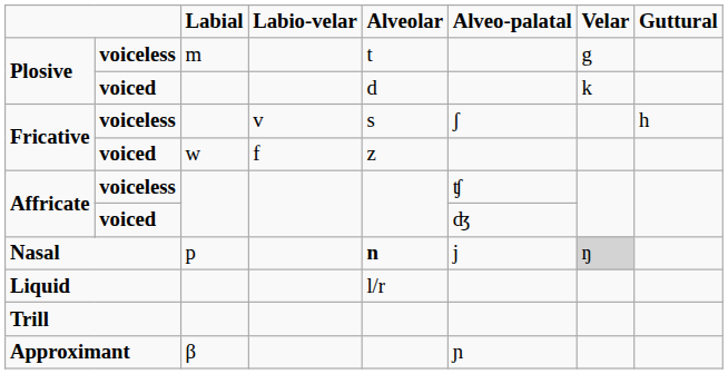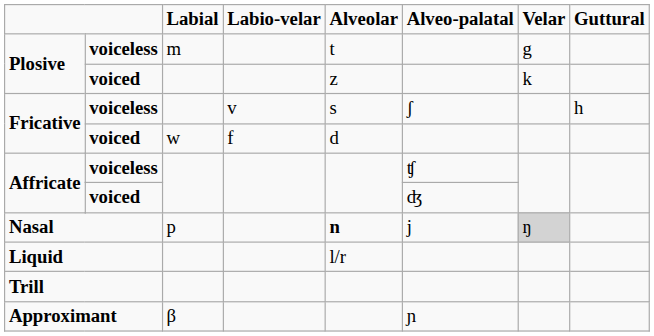 <table class="wikitable">
 <tr>
 <td colspan="3"></td>
 <td><strong>Labial</strong></td>
 <td><strong>Labio-velar</strong></td>
 <td><strong>Alveolar</strong></td>
 <td><strong>Alveo-palatal</strong></td>
 <td><strong>Velar</strong></td>
 <td><strong>Guttural</strong></td>
 </tr>
 <tr>
 <td colspan="2" rowspan="2"><strong>Plosive</strong></td>
 <td><strong>voiceless</strong></td>
 <td>m</td>
 <td></td>
 <td>t</td>
 <td></td>
 <td>g</td>
 <td></td>
 </tr>
 <tr>
 <td><strong>voiced</strong></td>
 <td></td>
 <td></td>
-<td>d</td>
+<td>z</td>
 <td></td>
 <td>k</td>
 <td></td>
 </tr>
 <tr>
 <td colspan="2" rowspan="2"><strong>Fricative</strong></td>
 <td><strong>voiceless</strong></td>
 <td></td>
 <td>v</td>
 <td>s</td>
 <td>ʃ</td>
 <td></td>
 <td>h</td>
 </tr>
 <tr>
 <td><strong>voiced</strong></td>
 <td>w</td>
 <td>f</td>
-<td>z</td>
+<td>d</td>
 <td></td>
 <td></td>
 <td></td>
 </tr>
 <tr>
 <td rowspan="2"><strong>Affricate</strong></td>
 <td colspan="2"><strong>voiceless</strong></td>
 <td rowspan="2"></td>
 <td rowspan="2"></td>
 <td rowspan="2"></td>
 <td>ʧ</td>
 <td rowspan="2"></td>
 <td rowspan="2"></td>
 </tr>
 <tr>
 <td colspan="2"><strong>voiced</strong></td>
 <td>ʤ</td>
 </tr>
 <tr>
 <td colspan="3"><strong>Nasal</strong></td>
 <td>p</td>
 <td></td>
 <td><strong>n</strong></td>
 <td>j</td>
 <td style="background: lightgrey;">ŋ</td>
 <td></td>
 </tr>
 <tr>
 <td colspan="3"><strong>Liquid</strong></td>
 <td></td>
 <td></td>
 <td>l/r</td>
 <td></td>
 <td></td>
 <td></td>
 </tr>
 <tr>
 <td colspan="3"><strong>Trill</strong></td>
 <td></td>
 <td></td>
 <td></td>
 <td></td>
 <td></td>
 <td></td>
 </tr>
 <tr>
 <td colspan="3"><strong>Approximant</strong></td>
 <td>β</td>
 <td></td>
 <td></td>
 <td>ɲ</td>
 <td></td>
 <td></td>
 </tr>
 </table>
